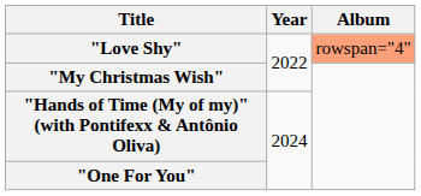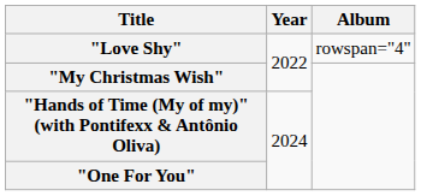 <table class="wikitable plainrowheaders" style="text-align:center;" border="1">
 <tr>
 <th scope="col" rowspan="1" style="width:14em;">Title</th>
 <th scope="col" rowspan="1" style="width:1em;">Year</th>
 <th scope="col" rowspan="1">Album</th>
 </tr>
 <tr>
 <th scope="row">"Love Shy"</th>
 <td rowspan="2">2022</td>
-<td style="background: lightsalmon;">rowspan="4" </td>
+<td>rowspan="4" </td>
 </tr>
 <tr>
 <th scope="row">"My Christmas Wish"</th>
 </tr>
 <tr>
 <th scope="row">"Hands of Time (My of my)" (with Pontifexx & Antônio Oliva)</th>
 <td rowspan="2">2024</td>
 </tr>
 <tr>
 <th scope="row">"One For You"</th>
 </tr>
 </table>
